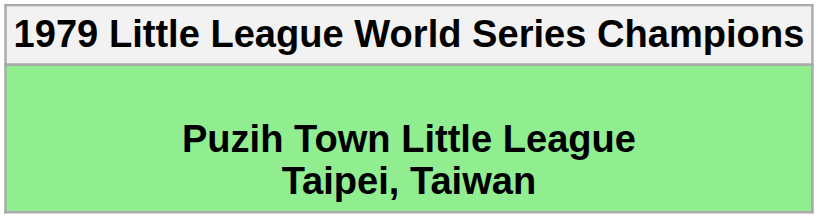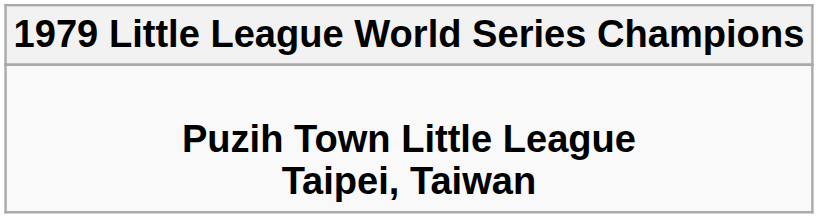 <table class="wikitable" style="text-align: center; margin: 0 auto;">
 <tr>
 <th>1979 Little League World Series Champions</th>
 </tr>
 <tr>
 </tr>
 <tr>
-<td style="background: lightgreen;"><br><strong>Puzih Town Little League</strong><br><strong>Taipei, Taiwan</strong></td>
+<td><br><strong>Puzih Town Little League</strong><br><strong>Taipei, Taiwan</strong></td>
 </tr>
 </table>
